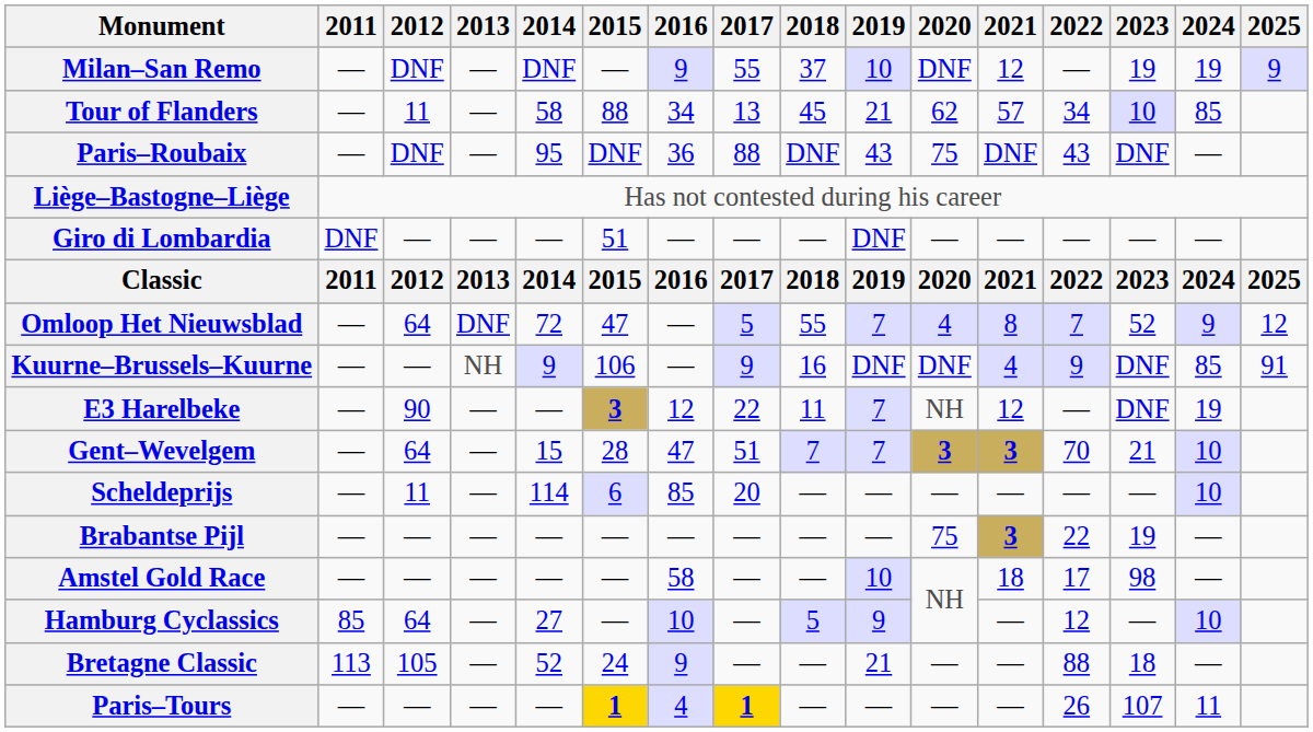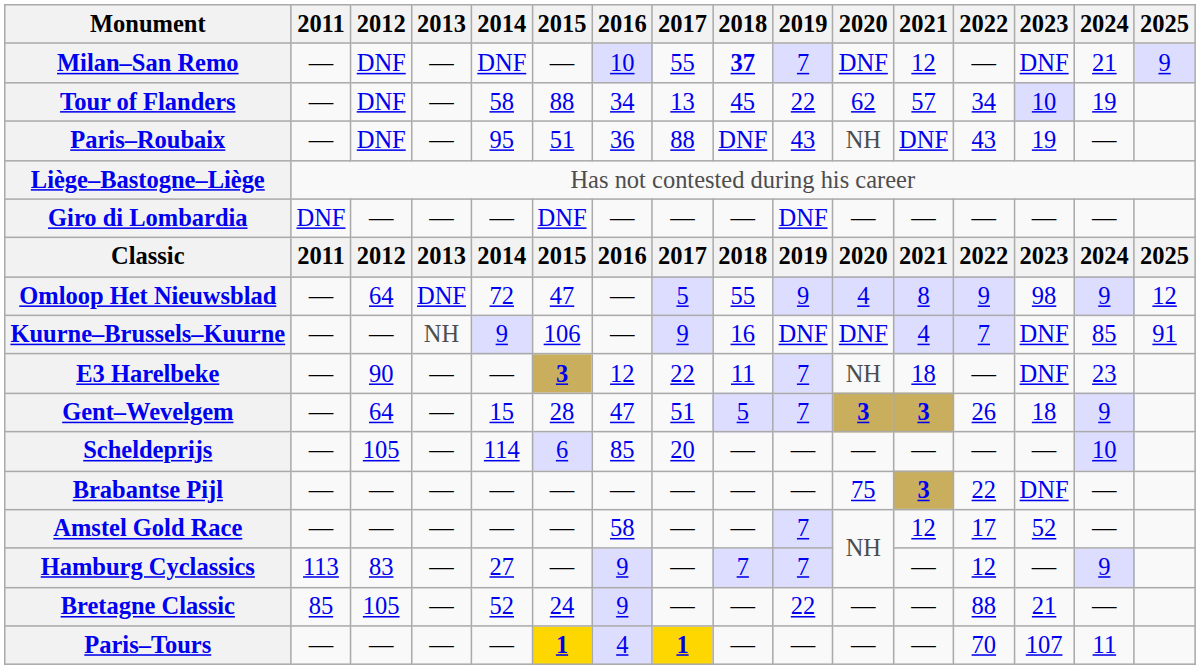 <table class="wikitable plainrowheaders">
 <tr>
 <th>Monument</th>
 <th scope="col">2011</th>
 <th scope="col">2012</th>
 <th scope="col">2013</th>
 <th scope="col">2014</th>
 <th scope="col">2015</th>
 <th scope="col">2016</th>
 <th scope="col">2017</th>
 <th scope="col">2018</th>
 <th scope="col">2019</th>
 <th scope="col">2020</th>
 <th scope="col">2021</th>
 <th scope="col">2022</th>
 <th scope="col">2023</th>
 <th scope="col">2024</th>
 <th scope="col">2025</th>
 </tr>
 <tr style="text-align:center;">
 <th scope="row"><a href='#'>Milan–San Remo</a></th>
 <td>—</td>
 <td><a href='#'>DNF</a></td>
 <td>—</td>
 <td><a href='#'>DNF</a></td>
 <td>—</td>
-<td style="background:#ddf;"><a href='#'>9</a></td>
+<td style="background:#ddf;"><a href='#'>10</a></td>
 <td><a href='#'>55</a></td>
-<td><a href='#'>37</a></td>
-<td style="background:#ddf;"><a href='#'>10</a></td>
+<td><strong><a href='#'>37</a></strong></td>
+<td style="background:#ddf;"><a href='#'>7</a></td>
 <td><a href='#'>DNF</a></td>
 <td><a href='#'>12</a></td>
 <td>—</td>
-<td><a href='#'>19</a></td>
-<td><a href='#'>19</a></td>
+<td><a href='#'>DNF</a></td>
+<td><a href='#'>21</a></td>
 <td style="background:#ddf;"><a href='#'>9</a></td>
 </tr>
 <tr style="text-align:center;">
 <th scope="row"><a href='#'>Tour of Flanders</a></th>
 <td>—</td>
-<td><a href='#'>11</a></td>
+<td><a href='#'>DNF</a></td>
 <td>—</td>
 <td><a href='#'>58</a></td>
 <td><a href='#'>88</a></td>
 <td><a href='#'>34</a></td>
 <td><a href='#'>13</a></td>
 <td><a href='#'>45</a></td>
-<td><a href='#'>21</a></td>
+<td><a href='#'>22</a></td>
 <td><a href='#'>62</a></td>
 <td><a href='#'>57</a></td>
 <td><a href='#'>34</a></td>
 <td style="background:#ddf;"><a href='#'>10</a></td>
-<td><a href='#'>85</a></td>
+<td><a href='#'>19</a></td>
 <td></td>
 </tr>
 <tr style="text-align:center;">
 <th scope="row"><a href='#'>Paris–Roubaix</a></th>
 <td>—</td>
 <td><a href='#'>DNF</a></td>
 <td>—</td>
 <td><a href='#'>95</a></td>
-<td><a href='#'>DNF</a></td>
+<td><a href='#'>51</a></td>
 <td><a href='#'>36</a></td>
 <td><a href='#'>88</a></td>
 <td><a href='#'>DNF</a></td>
 <td><a href='#'>43</a></td>
-<td><a href='#'>75</a></td>
+<td style="color:#4d4d4d;">NH</td>
 <td><a href='#'>DNF</a></td>
 <td><a href='#'>43</a></td>
-<td><a href='#'>DNF</a></td>
+<td><a href='#'>19</a></td>
 <td>—</td>
 <td></td>
 </tr>
 <tr style="text-align:center;">
 <th scope="row"><a href='#'>Liège–Bastogne–Liège</a></th>
 <td style="color:#4d4d4d;" colspan=15>Has not contested during his career</td>
 </tr>
 <tr style="text-align:center;">
 <th scope="row"><a href='#'>Giro di Lombardia</a></th>
 <td><a href='#'>DNF</a></td>
 <td>—</td>
 <td>—</td>
 <td>—</td>
-<td><a href='#'>51</a></td>
+<td><a href='#'>DNF</a></td>
 <td>—</td>
 <td>—</td>
 <td>—</td>
 <td><a href='#'>DNF</a></td>
 <td>—</td>
 <td>—</td>
 <td>—</td>
 <td>—</td>
 <td>—</td>
 <td></td>
 </tr>
 <tr>
 <th>Classic</th>
 <th scope="col">2011</th>
 <th scope="col">2012</th>
 <th scope="col">2013</th>
 <th scope="col">2014</th>
 <th scope="col">2015</th>
 <th scope="col">2016</th>
 <th scope="col">2017</th>
 <th scope="col">2018</th>
 <th scope="col">2019</th>
 <th scope="col">2020</th>
 <th scope="col">2021</th>
 <th scope="col">2022</th>
 <th scope="col">2023</th>
 <th scope="col">2024</th>
 <th scope="col">2025</th>
 </tr>
 <tr style="text-align:center;">
 <th scope="row"><a href='#'>Omloop Het Nieuwsblad</a></th>
 <td>—</td>
 <td><a href='#'>64</a></td>
 <td><a href='#'>DNF</a></td>
 <td><a href='#'>72</a></td>
 <td><a href='#'>47</a></td>
 <td>—</td>
 <td style="background:#ddf;"><a href='#'>5</a></td>
 <td><a href='#'>55</a></td>
-<td style="background:#ddf;"><a href='#'>7</a></td>
+<td style="background:#ddf;"><a href='#'>9</a></td>
 <td style="background:#ddf;"><a href='#'>4</a></td>
 <td style="background:#ddf;"><a href='#'>8</a></td>
-<td style="background:#ddf;"><a href='#'>7</a></td>
-<td><a href='#'>52</a></td>
+<td style="background:#ddf;"><a href='#'>9</a></td>
+<td><a href='#'>98</a></td>
 <td style="background:#ddf;"><a href='#'>9</a></td>
 <td><a href='#'>12</a></td>
 </tr>
 <tr style="text-align:center;">
 <th scope="row"><a href='#'>Kuurne–Brussels–Kuurne</a></th>
 <td>—</td>
 <td>—</td>
 <td style="color:#4d4d4d;">NH</td>
 <td style="background:#ddf;"><a href='#'>9</a></td>
 <td><a href='#'>106</a></td>
 <td>—</td>
 <td style="background:#ddf;"><a href='#'>9</a></td>
 <td><a href='#'>16</a></td>
 <td><a href='#'>DNF</a></td>
 <td><a href='#'>DNF</a></td>
 <td style="background:#ddf;"><a href='#'>4</a></td>
-<td style="background:#ddf;"><a href='#'>9</a></td>
+<td style="background:#ddf;"><a href='#'>7</a></td>
 <td><a href='#'>DNF</a></td>
 <td><a href='#'>85</a></td>
 <td><a href='#'>91</a></td>
 </tr>
 <tr style="text-align:center;">
 <th scope="row"><a href='#'>E3 Harelbeke</a></th>
 <td>—</td>
 <td><a href='#'>90</a></td>
 <td>—</td>
 <td>—</td>
 <td style="background:#C9AE5D;"><a href='#'><strong>3</strong></a></td>
 <td><a href='#'>12</a></td>
 <td><a href='#'>22</a></td>
 <td><a href='#'>11</a></td>
 <td style="background:#ddf;"><a href='#'>7</a></td>
 <td style="color:#4d4d4d;">NH</td>
-<td><a href='#'>12</a></td>
+<td><a href='#'>18</a></td>
 <td>—</td>
 <td><a href='#'>DNF</a></td>
-<td><a href='#'>19</a></td>
+<td><a href='#'>23</a></td>
 <td></td>
 </tr>
 <tr style="text-align:center;">
 <th scope="row"><a href='#'>Gent–Wevelgem</a></th>
 <td>—</td>
 <td><a href='#'>64</a></td>
 <td>—</td>
 <td><a href='#'>15</a></td>
 <td><a href='#'>28</a></td>
 <td><a href='#'>47</a></td>
 <td><a href='#'>51</a></td>
-<td style="background:#ddf;"><a href='#'>7</a></td>
+<td style="background:#ddf;"><a href='#'>5</a></td>
 <td style="background:#ddf;"><a href='#'>7</a></td>
 <td style="background:#C9AE5D;"><a href='#'><strong>3</strong></a></td>
 <td style="background:#C9AE5D;"><a href='#'><strong>3</strong></a></td>
-<td><a href='#'>70</a></td>
-<td><a href='#'>21</a></td>
-<td style="background:#ddf;"><a href='#'>10</a></td>
+<td><a href='#'>26</a></td>
+<td><a href='#'>18</a></td>
+<td style="background:#ddf;"><a href='#'>9</a></td>
 <td></td>
 </tr>
 <tr style="text-align:center;">
 <th scope="row"><a href='#'>Scheldeprijs</a></th>
 <td>—</td>
-<td><a href='#'>11</a></td>
+<td><a href='#'>105</a></td>
 <td>—</td>
 <td><a href='#'>114</a></td>
 <td style="background:#ddf;"><a href='#'>6</a></td>
 <td><a href='#'>85</a></td>
 <td><a href='#'>20</a></td>
 <td>—</td>
 <td>—</td>
 <td>—</td>
 <td>—</td>
 <td>—</td>
 <td>—</td>
 <td style="background:#ddf;"><a href='#'>10</a></td>
 <td></td>
 </tr>
 <tr style="text-align:center;">
 <th scope="row"><a href='#'>Brabantse Pijl</a></th>
 <td>—</td>
 <td>—</td>
 <td>—</td>
 <td>—</td>
 <td>—</td>
 <td>—</td>
 <td>—</td>
 <td>—</td>
 <td>—</td>
 <td><a href='#'>75</a></td>
 <td style="background:#C9AE5D;"><a href='#'><strong>3</strong></a></td>
 <td><a href='#'>22</a></td>
-<td><a href='#'>19</a></td>
+<td><a href='#'>DNF</a></td>
 <td>—</td>
 <td></td>
 </tr>
 <tr style="text-align:center;">
 <th scope="row"><a href='#'>Amstel Gold Race</a></th>
 <td>—</td>
 <td>—</td>
 <td>—</td>
 <td>—</td>
 <td>—</td>
 <td><a href='#'>58</a></td>
 <td>—</td>
 <td>—</td>
-<td style="background:#ddf;"><a href='#'>10</a></td>
+<td style="background:#ddf;"><a href='#'>7</a></td>
 <td style="color:#4d4d4d;" rowspan=2>NH</td>
-<td><a href='#'>18</a></td>
+<td><a href='#'>12</a></td>
 <td><a href='#'>17</a></td>
-<td><a href='#'>98</a></td>
+<td><a href='#'>52</a></td>
 <td>—</td>
 <td></td>
 </tr>
 <tr style="text-align:center;">
 <th scope="row"><a href='#'>Hamburg Cyclassics</a></th>
-<td><a href='#'>85</a></td>
-<td><a href='#'>64</a></td>
+<td><a href='#'>113</a></td>
+<td><a href='#'>83</a></td>
 <td>—</td>
 <td><a href='#'>27</a></td>
 <td>—</td>
-<td style="background:#ddf;"><a href='#'>10</a></td>
+<td style="background:#ddf;"><a href='#'>9</a></td>
 <td>—</td>
-<td style="background:#ddf;"><a href='#'>5</a></td>
-<td style="background:#ddf;"><a href='#'>9</a></td>
+<td style="background:#ddf;"><a href='#'>7</a></td>
+<td style="background:#ddf;"><a href='#'>7</a></td>
 <td>—</td>
 <td><a href='#'>12</a></td>
 <td>—</td>
-<td style="background:#ddf;"><a href='#'>10</a></td>
+<td style="background:#ddf;"><a href='#'>9</a></td>
 <td></td>
 </tr>
 <tr style="text-align:center;">
 <th scope="row"><a href='#'>Bretagne Classic</a></th>
-<td><a href='#'>113</a></td>
+<td><a href='#'>85</a></td>
 <td><a href='#'>105</a></td>
 <td>—</td>
 <td><a href='#'>52</a></td>
 <td><a href='#'>24</a></td>
 <td style="background:#ddf;"><a href='#'>9</a></td>
 <td>—</td>
 <td>—</td>
-<td><a href='#'>21</a></td>
+<td><a href='#'>22</a></td>
 <td>—</td>
 <td>—</td>
 <td><a href='#'>88</a></td>
-<td><a href='#'>18</a></td>
+<td><a href='#'>21</a></td>
 <td>—</td>
 <td></td>
 </tr>
 <tr style="text-align:center;">
 <th scope="row"><a href='#'>Paris–Tours</a></th>
 <td>—</td>
 <td>—</td>
 <td>—</td>
 <td>—</td>
 <td style="background:gold;"><a href='#'><strong>1</strong></a></td>
 <td style="background:#ddf;"><a href='#'>4</a></td>
 <td style="background:gold;"><a href='#'><strong>1</strong></a></td>
 <td>—</td>
 <td>—</td>
 <td>—</td>
 <td>—</td>
-<td><a href='#'>26</a></td>
+<td><a href='#'>70</a></td>
 <td><a href='#'>107</a></td>
 <td><a href='#'>11</a></td>
 <td></td>
 </tr>
 </table>
